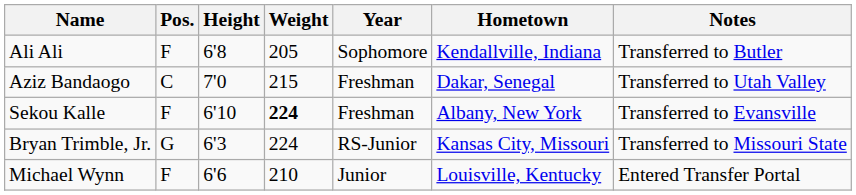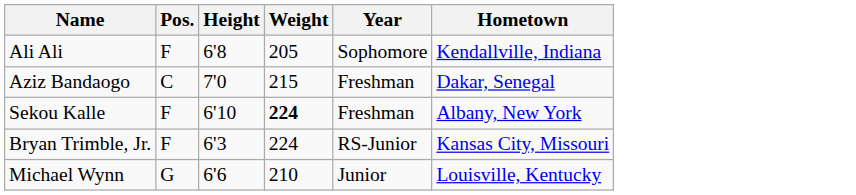 <table class="wikitable sortable" border="1">
 <tr align=center>
 <th>Name</th>
 <th>Pos.</th>
 <th>Height</th>
 <th>Weight</th>
 <th>Year</th>
 <th>Hometown</th>
-<th>Notes</th>
 </tr>
 <tr>
 <td>Ali Ali</td>
 <td>F</td>
 <td>6'8</td>
 <td>205</td>
 <td>Sophomore</td>
 <td><a href='#'>Kendallville, Indiana</a></td>
-<td>Transferred to <a href='#'>Butler</a></td>
 </tr>
 <tr>
 <td>Aziz Bandaogo</td>
 <td>C</td>
 <td>7'0</td>
 <td>215</td>
 <td>Freshman</td>
 <td><a href='#'>Dakar, Senegal</a></td>
-<td>Transferred to <a href='#'>Utah Valley</a></td>
 </tr>
 <tr>
 <td>Sekou Kalle</td>
 <td>F</td>
 <td>6'10</td>
 <td><strong>224</strong></td>
 <td>Freshman</td>
 <td><a href='#'>Albany, New York</a></td>
-<td>Transferred to <a href='#'>Evansville</a></td>
 </tr>
 <tr>
 <td>Bryan Trimble, Jr.</td>
-<td>G</td>
+<td>F</td>
 <td>6'3</td>
 <td>224</td>
 <td>RS-Junior</td>
 <td><a href='#'>Kansas City, Missouri</a></td>
-<td>Transferred to <a href='#'>Missouri State</a></td>
 </tr>
 <tr>
 <td>Michael Wynn</td>
-<td>F</td>
+<td>G</td>
 <td>6'6</td>
 <td>210</td>
 <td>Junior</td>
 <td><a href='#'>Louisville, Kentucky</a></td>
-<td>Entered Transfer Portal</td>
 </tr>
 </table>
